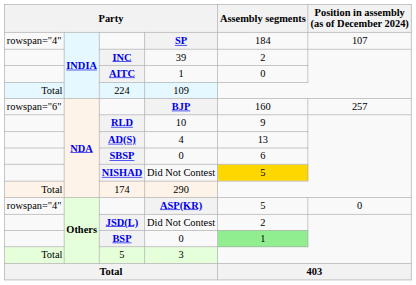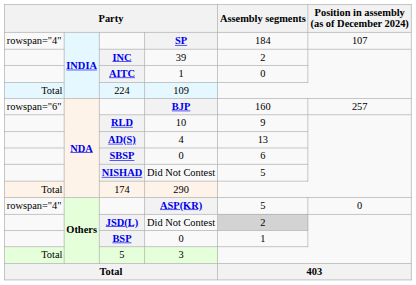 <table class="wikitable" style="text-align:center">
 <tr>
 <th colspan=4>Party</th>
 <th>Assembly segments</th>
 <th>Position in assembly <br> (as of December 2024)</th>
 </tr>
 <tr>
 <td>rowspan="4" </td>
 <th rowspan="4"style="background:#E5F8FF"><a href='#'>INDIA</a></th>
 <td></td>
 <th><a href='#'>SP</a></th>
 <td>184</td>
 <td>107</td>
 </tr>
 <tr>
 <td></td>
 <th><a href='#'>INC</a></th>
 <td>39</td>
 <td>2</td>
 </tr>
 <tr>
 <td></td>
 <th><a href='#'>AITC</a></th>
 <td>1</td>
 <td>0</td>
 </tr>
 <tr>
 <td colspan="2"style="background:#E5F8FF">Total</td>
 <td style="background:#E5F8FF">224</td>
 <td style="background:#E5F8FF">109</td>
 </tr>
 <tr>
 <td>rowspan="6" </td>
 <th rowspan="6"style="background:#fef3e8"><a href='#'>NDA</a></th>
 <td></td>
 <th><a href='#'>BJP</a></th>
 <td>160</td>
 <td>257</td>
 </tr>
 <tr>
 <td></td>
 <th><a href='#'>RLD</a></th>
 <td>10</td>
 <td>9</td>
 </tr>
 <tr>
 <td></td>
 <th><a href='#'>AD(S)</a></th>
 <td>4</td>
 <td>13</td>
 </tr>
 <tr>
 <td></td>
 <th><a href='#'>SBSP</a></th>
 <td>0</td>
 <td>6</td>
 </tr>
 <tr>
 <td></td>
 <th><a href='#'>NISHAD</a></th>
 <td>Did Not Contest</td>
-<td style="background: gold;">5</td>
+<td>5</td>
 </tr>
 <tr>
 <td colspan="2"style="background:#fef3e8">Total</td>
 <td style="background:#fef3e8">174</td>
 <td style="background:#fef3e8">290</td>
 </tr>
 <tr>
 <td>rowspan="4" </td>
 <th rowspan="4"style="background:#E5FFDA">Others</th>
 <td></td>
 <th><a href='#'>ASP(KR)</a></th>
 <td>5</td>
 <td>0</td>
 </tr>
 <tr>
 <td></td>
 <th><a href='#'>JSD(L)</a></th>
 <td>Did Not Contest</td>
-<td>2</td>
+<td style="background: lightgrey;">2</td>
 </tr>
 <tr>
 <td></td>
 <th><a href='#'>BSP</a></th>
 <td>0</td>
-<td style="background: lightgreen;">1</td>
+<td>1</td>
 </tr>
 <tr>
 <td colspan="2"style="background:#E5FFDA">Total</td>
 <td style="background:#E5FFDA">5</td>
 <td style="background:#E5FFDA">3</td>
 </tr>
 <tr>
 <th colspan="4">Total</th>
 <th colspan=2>403</th>
 </tr>
 </table>
